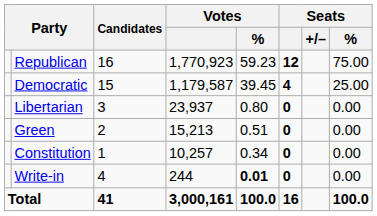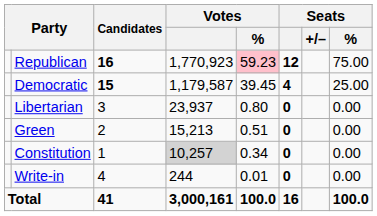 <table class="wikitable" style="font-size: 95%;">
 <tr>
 <th colspan="2" rowspan="2">Party</th>
 <th rowspan="2"><small>Candi</small><small>dates</small></th>
 <th colspan="2">Votes</th>
 <th colspan="3">Seats</th>
 </tr>
 <tr>
 <th></th>
 <th>%</th>
 <th></th>
 <th>+/–</th>
 <th>%</th>
 </tr>
 <tr>
 <td style="background:"></td>
 <td align=left><a href='#'>Republican</a></td>
-<td>16</td>
+<td><strong>16</strong></td>
 <td>1,770,923</td>
-<td>59.23</td>
+<td style="background: pink;">59.23</td>
 <td><strong>12</strong></td>
 <td></td>
 <td>75.00</td>
 </tr>
 <tr>
 <td style="background:"></td>
 <td align=left><a href='#'>Democratic</a></td>
-<td>15</td>
+<td><strong>15</strong></td>
 <td>1,179,587</td>
 <td>39.45</td>
 <td><strong>4</strong></td>
 <td></td>
 <td>25.00</td>
 </tr>
 <tr>
 <td style="background:"></td>
 <td align=left><a href='#'>Libertarian</a></td>
 <td>3</td>
 <td>23,937</td>
 <td>0.80</td>
 <td><strong>0</strong></td>
 <td></td>
 <td>0.00</td>
 </tr>
 <tr>
 <td style="background:"></td>
 <td align=left><a href='#'>Green</a></td>
 <td>2</td>
 <td>15,213</td>
 <td>0.51</td>
 <td><strong>0</strong></td>
 <td></td>
 <td>0.00</td>
 </tr>
 <tr>
 <td style="background:"></td>
 <td align=left><a href='#'>Constitution</a></td>
 <td>1</td>
-<td>10,257</td>
+<td style="background: lightgrey;">10,257</td>
 <td>0.34</td>
 <td><strong>0</strong></td>
 <td></td>
 <td>0.00</td>
 </tr>
 <tr>
 <td style="background:"></td>
 <td align=left><a href='#'>Write-in</a></td>
 <td>4</td>
 <td>244</td>
-<td><strong>0.01</strong></td>
+<td>0.01</td>
 <td><strong>0</strong></td>
 <td></td>
 <td>0.00</td>
 </tr>
 <tr style="font-weight:bold">
 <td colspan=2 align=left>Total</td>
 <td>41</td>
 <td>3,000,161</td>
 <td>100.0</td>
 <td>16</td>
 <td></td>
 <td>100.0</td>
 </tr>
 </table>
